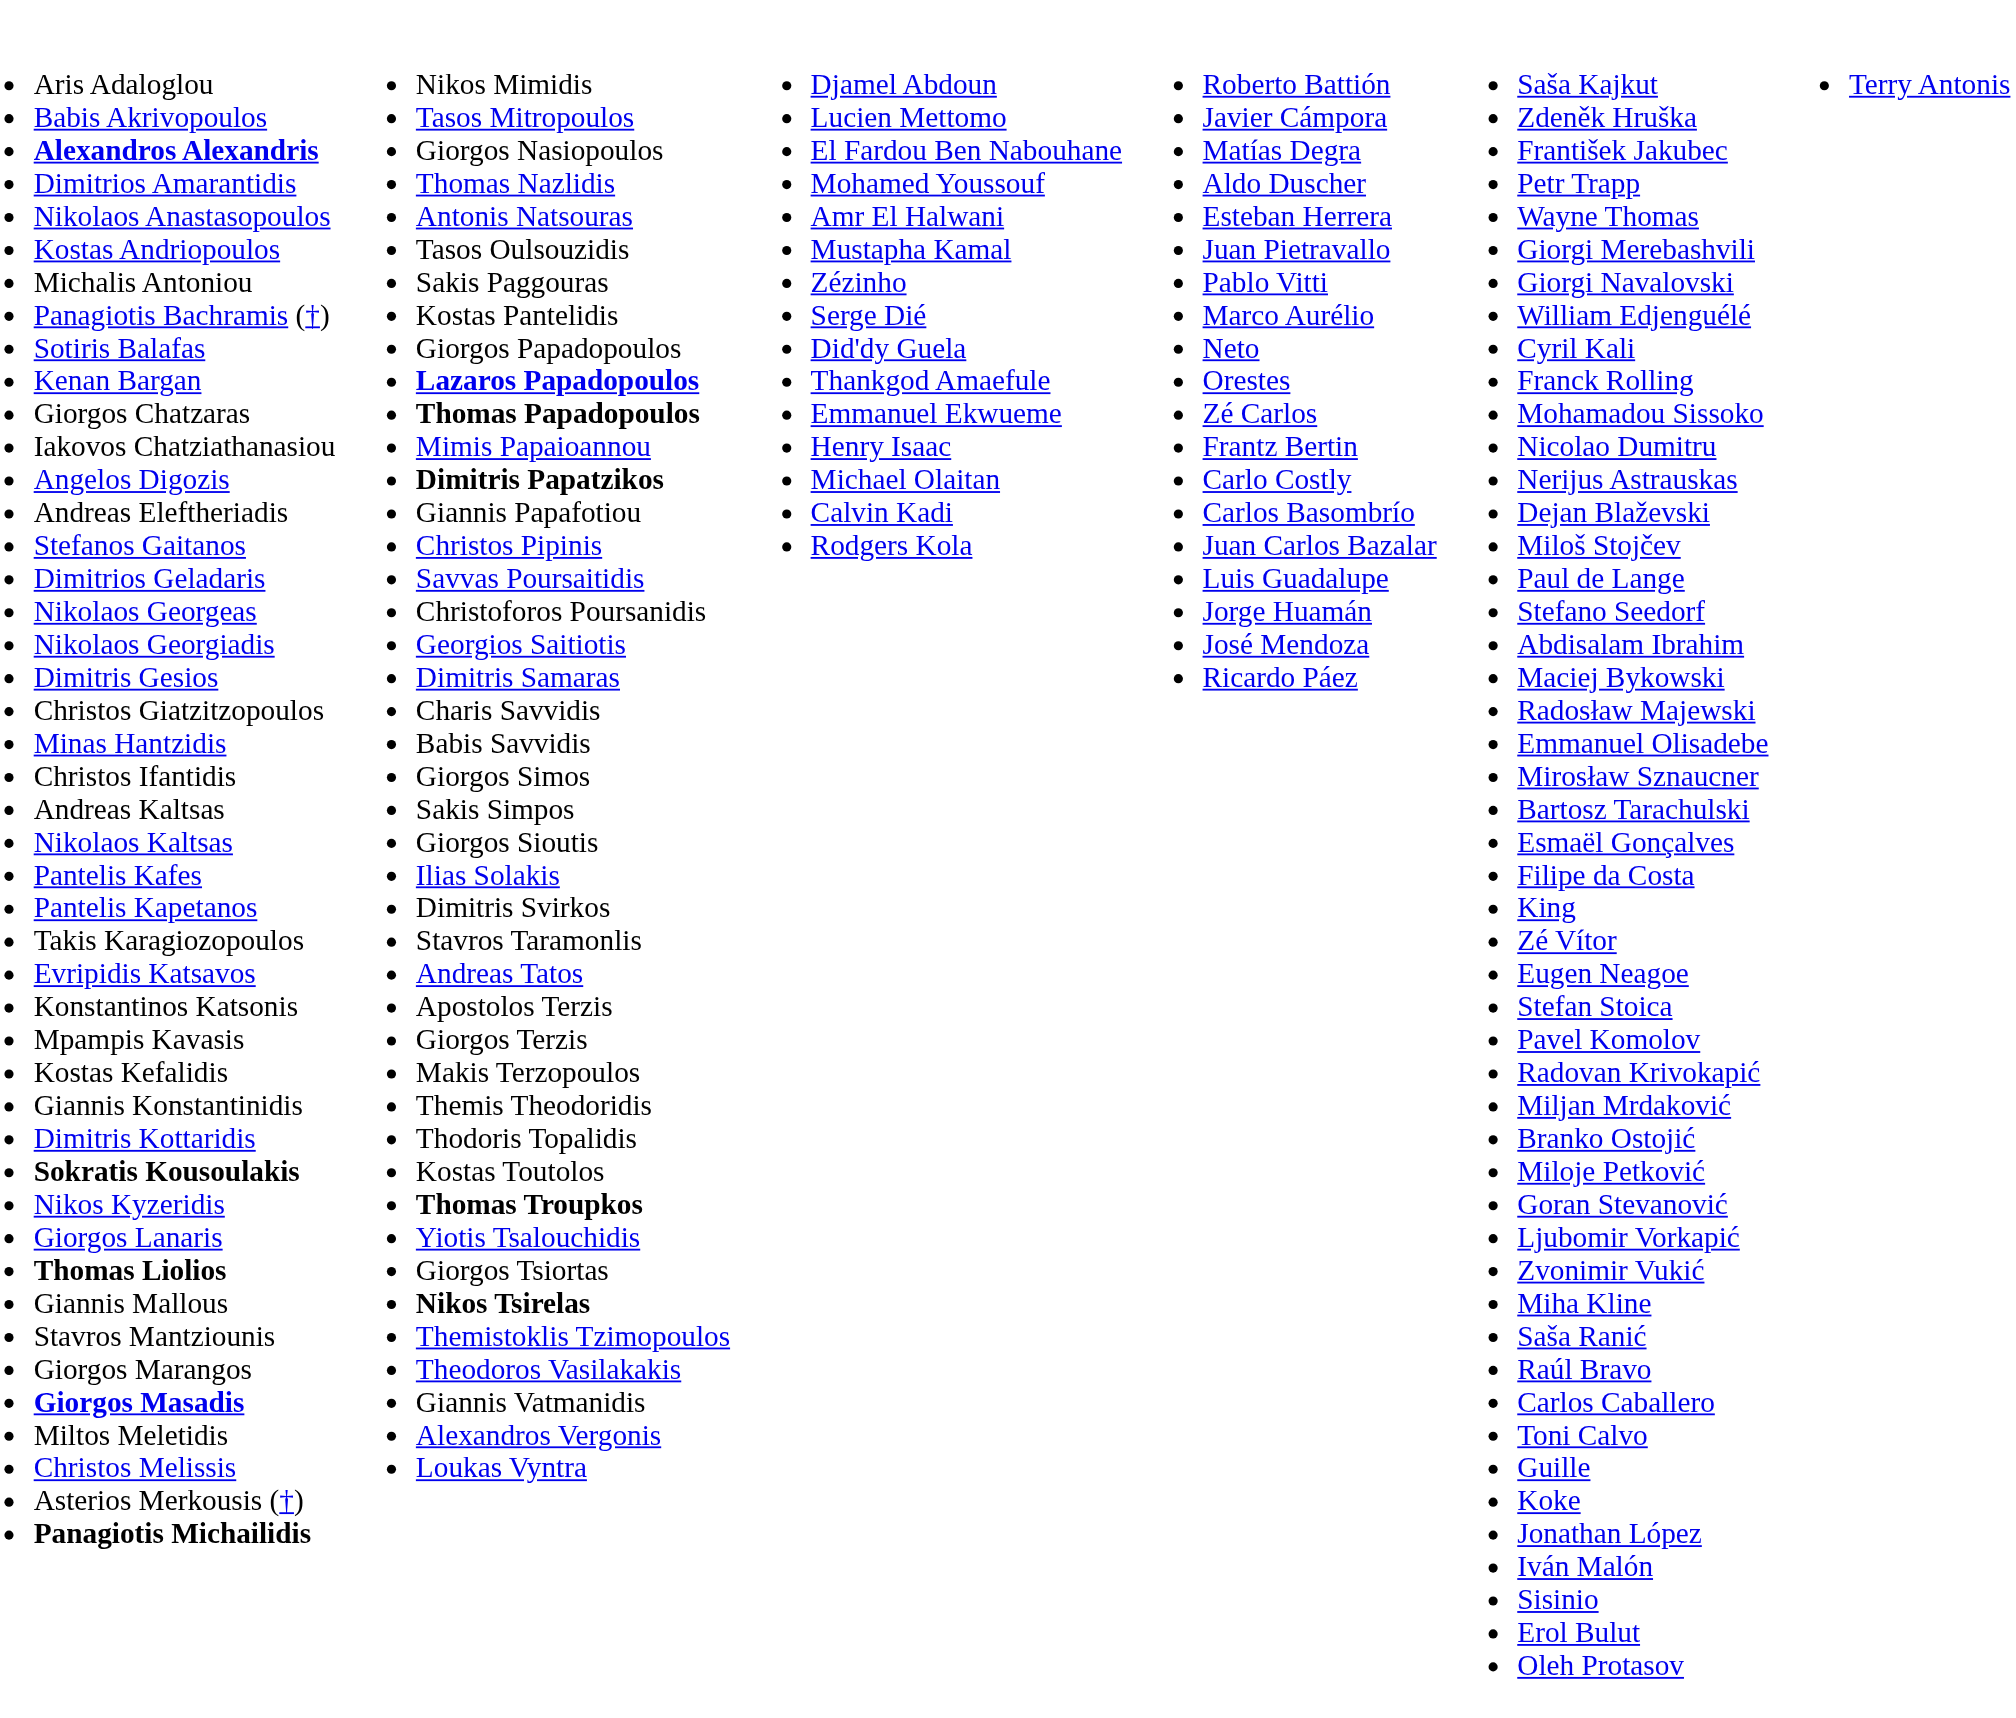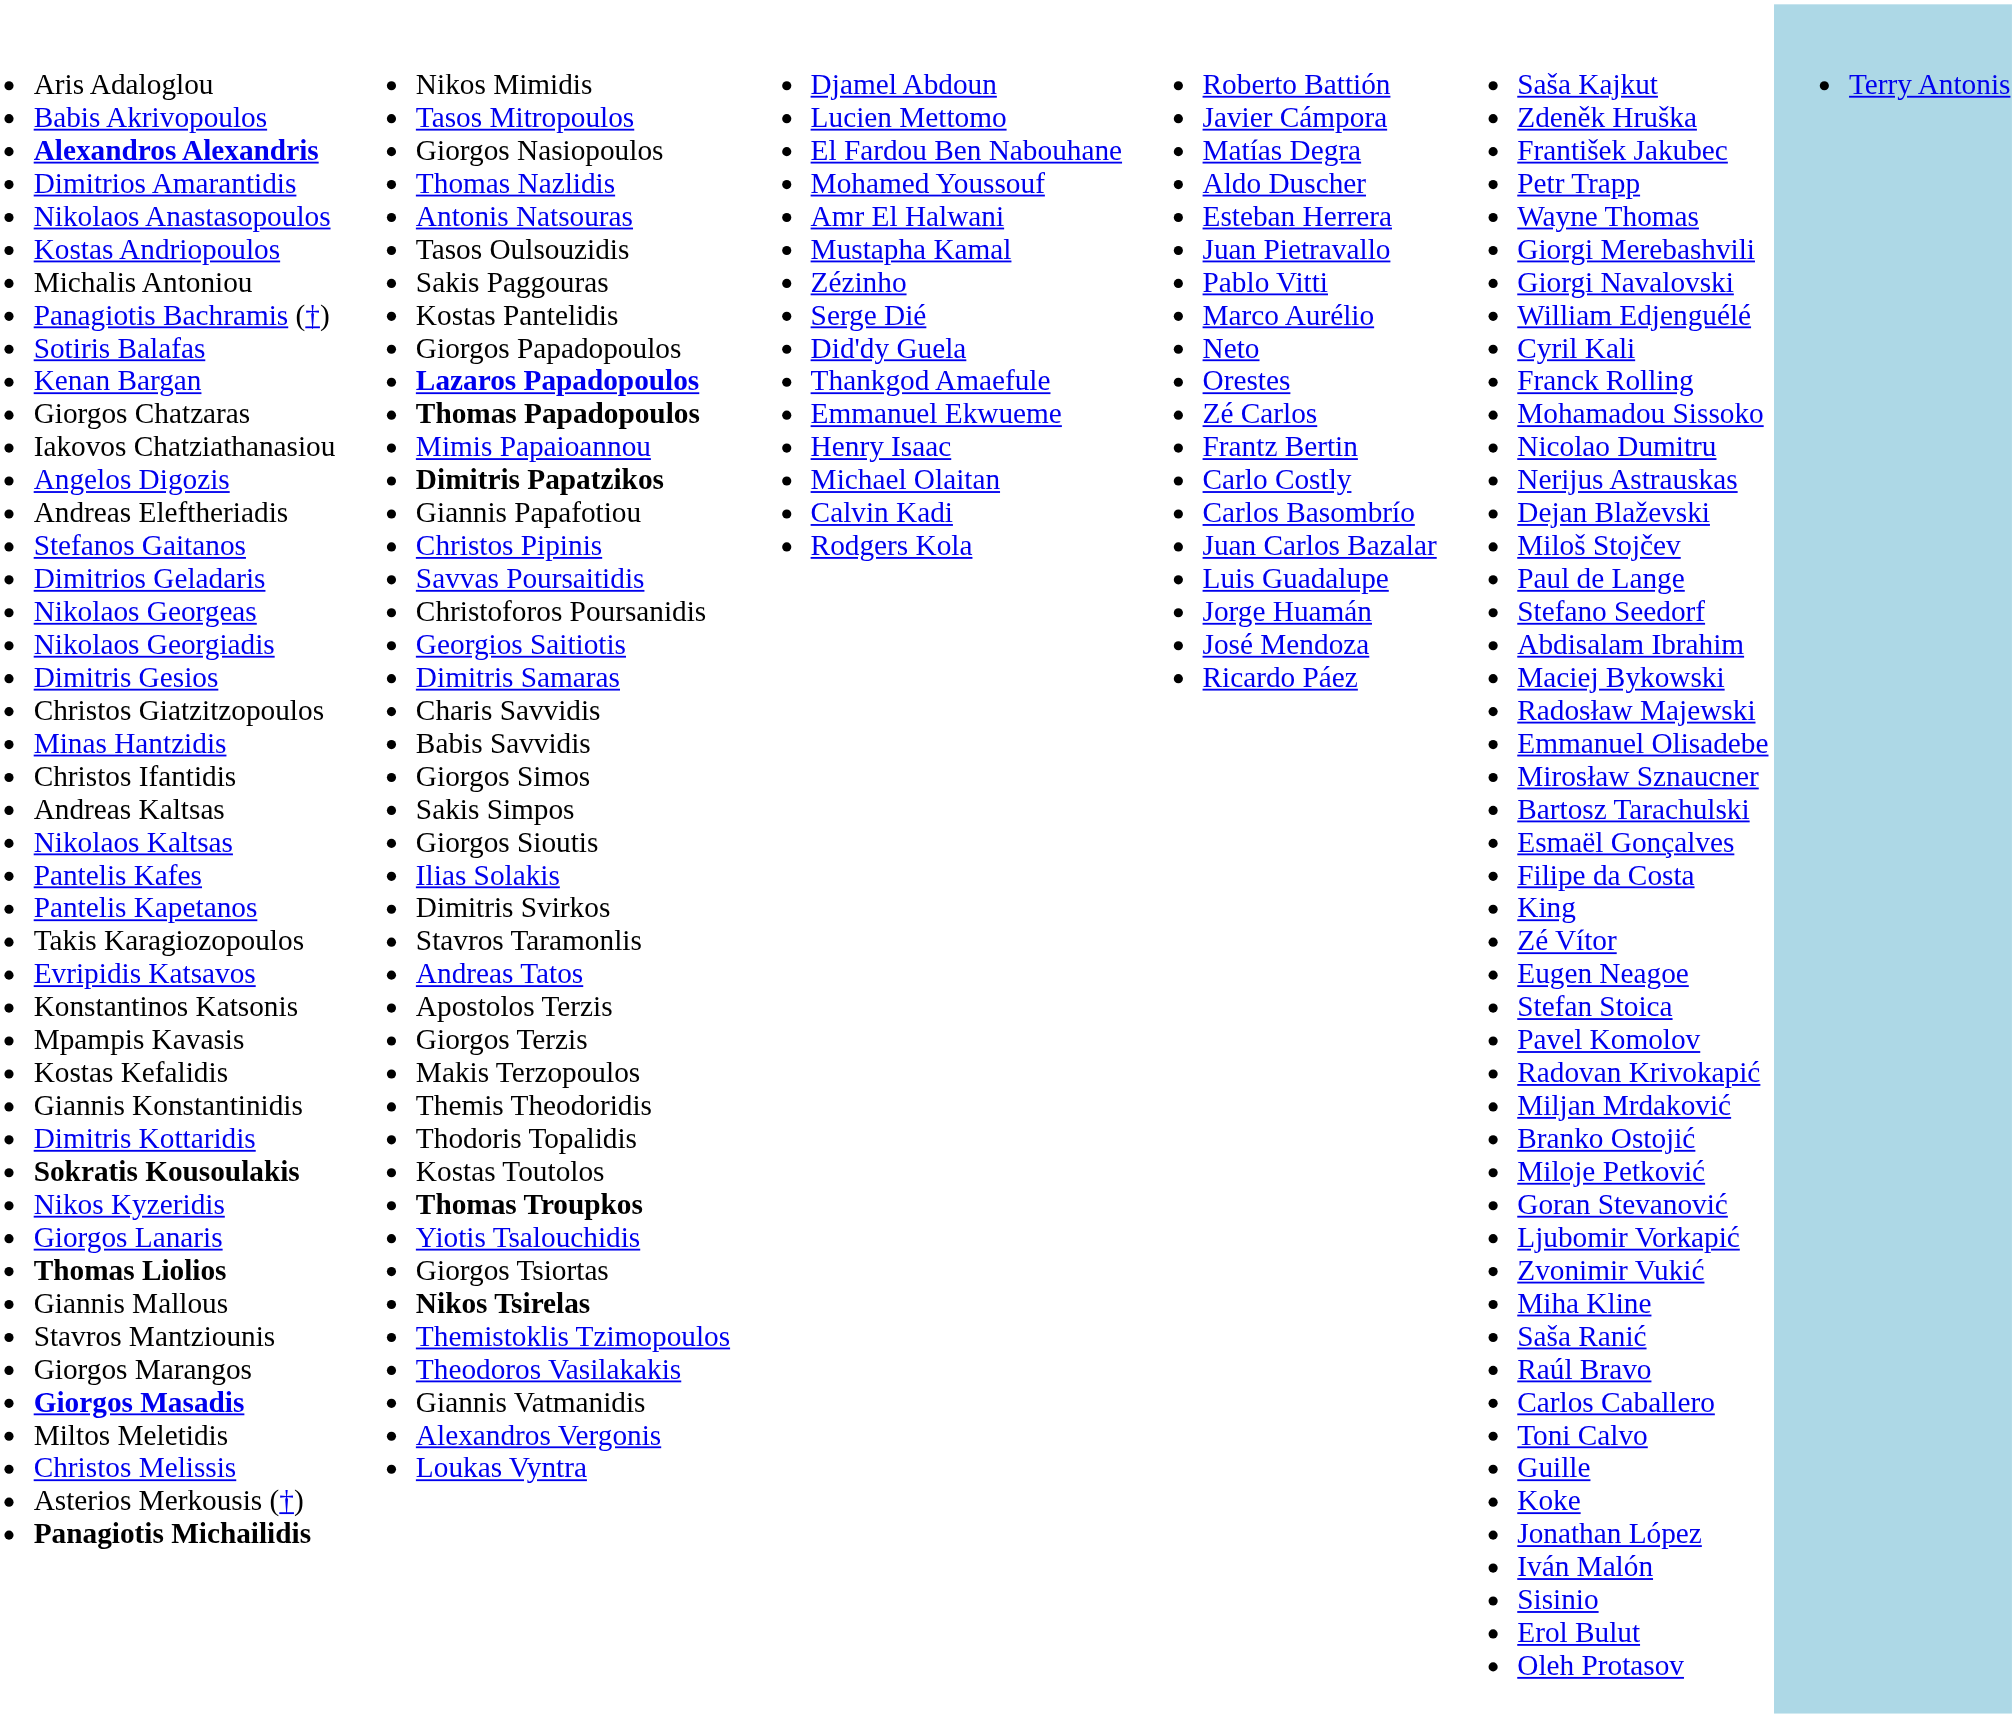 <table>
 <tr>
 </tr>
 <tr style="vertical-align:top;">
 <td><br><ul><li> Aris Adaloglou</li><li> <a href='#'>Babis Akrivopoulos</a></li><li> <strong><a href='#'>Alexandros Alexandris</a></strong></li><li> <a href='#'>Dimitrios Amarantidis</a></li><li> <a href='#'>Nikolaos Anastasopoulos</a></li><li> <a href='#'>Kostas Andriopoulos</a></li><li> Michalis Antoniou</li><li> <a href='#'>Panagiotis Bachramis</a> (<a href='#'>†</a>)</li><li> <a href='#'>Sotiris Balafas</a></li><li> <a href='#'>Kenan Bargan</a></li><li> Giorgos Chatzaras</li><li> Iakovos Chatziathanasiou</li><li> <a href='#'>Angelos Digozis</a></li><li> Andreas Eleftheriadis</li><li> <a href='#'>Stefanos Gaitanos</a></li><li> <a href='#'>Dimitrios Geladaris</a></li><li> <a href='#'>Nikolaos Georgeas</a></li><li> <a href='#'>Nikolaos Georgiadis</a></li><li> <a href='#'>Dimitris Gesios</a></li><li> Christos Giatzitzopoulos</li><li> <a href='#'>Minas Hantzidis</a></li><li> Christos Ifantidis</li><li> Andreas Kaltsas</li><li> <a href='#'>Nikolaos Kaltsas</a></li><li> <a href='#'>Pantelis Kafes</a></li><li> <a href='#'>Pantelis Kapetanos</a></li><li> Takis Karagiozopoulos</li><li> <a href='#'>Evripidis Katsavos</a></li><li> Konstantinos Katsonis</li><li> Mpampis Kavasis</li><li> Kostas Kefalidis</li><li> Giannis Konstantinidis</li><li> <a href='#'>Dimitris Kottaridis</a></li><li> <strong>Sokratis Kousoulakis</strong></li><li> <a href='#'>Nikos Kyzeridis</a></li><li> <a href='#'>Giorgos Lanaris</a></li><li> <strong>Thomas Liolios</strong></li><li> Giannis Mallous</li><li> Stavros Mantziounis</li><li> Giorgos Marangos</li><li> <strong><a href='#'>Giorgos Masadis</a></strong></li><li> Miltos Meletidis</li><li> <a href='#'>Christos Melissis</a></li><li> Asterios Merkousis (<a href='#'>†</a>)</li><li> <strong>Panagiotis Michailidis</strong></li></ul></td>
 <td><br><ul><li> Nikos Mimidis</li><li> <a href='#'>Tasos Mitropoulos</a></li><li> Giorgos Nasiopoulos</li><li> <a href='#'>Thomas Nazlidis</a></li><li> <a href='#'>Antonis Natsouras</a></li><li> Tasos Oulsouzidis</li><li> Sakis Paggouras</li><li> Kostas Pantelidis</li><li> Giorgos Papadopoulos</li><li> <strong><a href='#'>Lazaros Papadopoulos</a></strong></li><li> <strong>Thomas Papadopoulos</strong></li><li> <a href='#'>Mimis Papaioannou</a></li><li> <strong>Dimitris Papatzikos</strong></li><li> Giannis Papafotiou</li><li> <a href='#'>Christos Pipinis</a></li><li> <a href='#'>Savvas Poursaitidis</a></li><li> Christoforos Poursanidis</li><li> <a href='#'>Georgios Saitiotis</a></li><li> <a href='#'>Dimitris Samaras</a></li><li> Charis Savvidis</li><li> Babis Savvidis</li><li> Giorgos Simos</li><li> Sakis Simpos</li><li> Giorgos Sioutis</li><li> <a href='#'>Ilias Solakis</a></li><li> Dimitris Svirkos</li><li> Stavros Taramonlis</li><li> <a href='#'>Andreas Tatos</a></li><li> Apostolos Terzis</li><li> Giorgos Terzis</li><li> Makis Terzopoulos</li><li> Themis Theodoridis</li><li> Thodoris Topalidis</li><li> Kostas Toutolos</li><li> <strong>Thomas Troupkos</strong></li><li> <a href='#'>Yiotis Tsalouchidis</a></li><li> Giorgos Tsiortas</li><li> <strong>Nikos Tsirelas</strong></li><li> <a href='#'>Themistoklis Tzimopoulos</a></li><li> <a href='#'>Theodoros Vasilakakis</a></li><li> Giannis Vatmanidis</li><li> <a href='#'>Alexandros Vergonis</a></li><li> <a href='#'>Loukas Vyntra</a></li></ul></td>
 <td><br><ul><li> <a href='#'>Djamel Abdoun</a></li><li> <a href='#'>Lucien Mettomo</a></li><li> <a href='#'>El Fardou Ben Nabouhane</a></li><li> <a href='#'>Mohamed Youssouf</a></li><li> <a href='#'>Amr El Halwani</a></li><li> <a href='#'>Mustapha Kamal</a></li><li> <a href='#'>Zézinho</a></li><li> <a href='#'>Serge Dié</a></li><li> <a href='#'>Did'dy Guela</a></li><li> <a href='#'>Thankgod Amaefule</a></li><li> <a href='#'>Emmanuel Ekwueme</a></li><li> <a href='#'>Henry Isaac</a></li><li> <a href='#'>Michael Olaitan</a></li><li> <a href='#'>Calvin Kadi</a></li><li> <a href='#'>Rodgers Kola</a></li></ul></td>
 <td><br><ul><li> <a href='#'>Roberto Battión</a></li><li> <a href='#'>Javier Cámpora</a></li><li> <a href='#'>Matías Degra</a></li><li> <a href='#'>Aldo Duscher</a></li><li> <a href='#'>Esteban Herrera</a></li><li> <a href='#'>Juan Pietravallo</a></li><li> <a href='#'>Pablo Vitti</a></li><li> <a href='#'>Marco Aurélio</a></li><li> <a href='#'>Neto</a></li><li> <a href='#'>Orestes</a></li><li> <a href='#'>Zé Carlos</a></li><li> <a href='#'>Frantz Bertin</a></li><li> <a href='#'>Carlo Costly</a></li><li> <a href='#'>Carlos Basombrío</a></li><li> <a href='#'>Juan Carlos Bazalar</a></li><li> <a href='#'>Luis Guadalupe</a></li><li> <a href='#'>Jorge Huamán</a></li><li> <a href='#'>José Mendoza</a></li><li> <a href='#'>Ricardo Páez</a></li></ul></td>
 <td><br><ul><li> <a href='#'>Saša Kajkut</a></li><li> <a href='#'>Zdeněk Hruška</a></li><li> <a href='#'>František Jakubec</a></li><li> <a href='#'>Petr Trapp</a></li><li> <a href='#'>Wayne Thomas</a></li><li> <a href='#'>Giorgi Merebashvili</a></li><li> <a href='#'>Giorgi Navalovski</a></li><li> <a href='#'>William Edjenguélé</a></li><li> <a href='#'>Cyril Kali</a></li><li> <a href='#'>Franck Rolling</a></li><li> <a href='#'>Mohamadou Sissoko</a></li><li> <a href='#'>Nicolao Dumitru</a></li><li> <a href='#'>Nerijus Astrauskas</a></li><li> <a href='#'>Dejan Blaževski</a></li><li> <a href='#'>Miloš Stojčev</a></li><li> <a href='#'>Paul de Lange</a></li><li> <a href='#'>Stefano Seedorf</a></li><li> <a href='#'>Abdisalam Ibrahim</a></li><li> <a href='#'>Maciej Bykowski</a></li><li> <a href='#'>Radosław Majewski</a></li><li> <a href='#'>Emmanuel Olisadebe</a></li><li> <a href='#'>Mirosław Sznaucner</a></li><li> <a href='#'>Bartosz Tarachulski</a></li><li> <a href='#'>Esmaël Gonçalves</a></li><li> <a href='#'>Filipe da Costa</a></li><li> <a href='#'>King</a></li><li> <a href='#'>Zé Vítor</a></li><li> <a href='#'>Eugen Neagoe</a></li><li> <a href='#'>Stefan Stoica</a></li><li> <a href='#'>Pavel Komolov</a></li><li> <a href='#'>Radovan Krivokapić</a></li><li> <a href='#'>Miljan Mrdaković</a></li><li> <a href='#'>Branko Ostojić</a></li><li> <a href='#'>Miloje Petković</a></li><li> <a href='#'>Goran Stevanović</a></li><li> <a href='#'>Ljubomir Vorkapić</a></li><li> <a href='#'>Zvonimir Vukić</a></li><li> <a href='#'>Miha Kline</a></li><li> <a href='#'>Saša Ranić</a></li><li> <a href='#'>Raúl Bravo</a></li><li> <a href='#'>Carlos Caballero</a></li><li> <a href='#'>Toni Calvo</a></li><li> <a href='#'>Guille</a></li><li> <a href='#'>Koke</a></li><li> <a href='#'>Jonathan López</a></li><li> <a href='#'>Iván Malón</a></li><li> <a href='#'>Sisinio</a></li><li> <a href='#'>Erol Bulut</a></li><li> <a href='#'>Oleh Protasov</a></li></ul></td>
-<td><br><ul><li> <a href='#'>Terry Antonis</a></li></ul></td>
+<td style="background: lightblue;"><br><ul><li> <a href='#'>Terry Antonis</a></li></ul></td>
 <td></td>
 </tr>
 </table>
